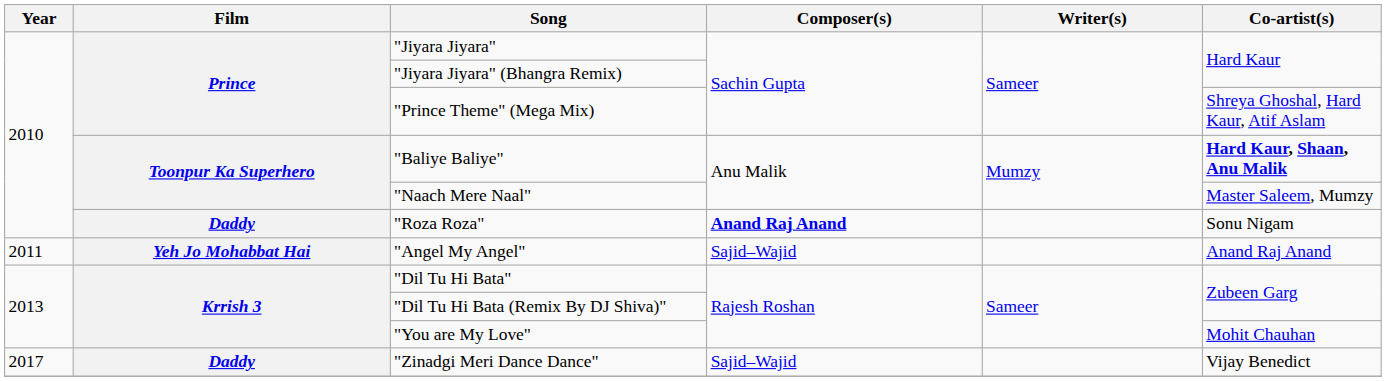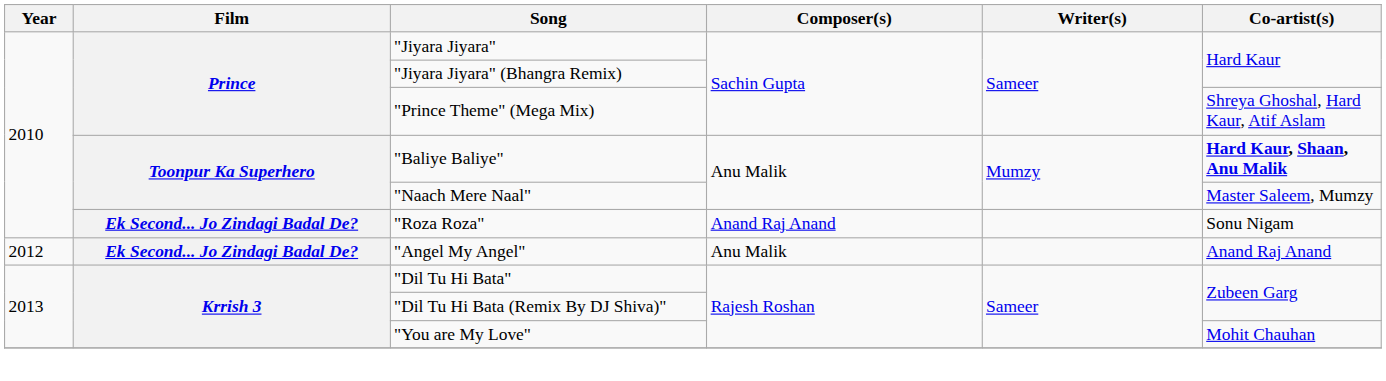 <table class="wikitable plainrowheaders" width="100%" textcolor:#000;">
 <tr style="background:#b0e0e66;">
 <th scope="col" width=5%><strong>Year</strong></th>
 <th scope="col" width=23%><strong>Film</strong></th>
 <th scope="col" width=23%><strong>Song</strong></th>
 <th scope="col" width=20%><strong>Composer(s)</strong></th>
 <th scope="col" width=16%><strong>Writer(s)</strong></th>
 <th scope="col" width=18%><strong>Co-artist(s)</strong></th>
 </tr>
 <tr>
 <td rowspan="6">2010</td>
 <th scope="row" rowspan="3"><em><a href='#'>Prince</a></em></th>
 <td>"Jiyara Jiyara"</td>
 <td rowspan="3"><a href='#'>Sachin Gupta</a></td>
 <td rowspan="3"><a href='#'>Sameer</a></td>
 <td rowspan="2"><a href='#'>Hard Kaur</a></td>
 </tr>
 <tr>
 <td>"Jiyara Jiyara" (Bhangra Remix)</td>
 </tr>
 <tr>
 <td>"Prince Theme" (Mega Mix)</td>
 <td><a href='#'>Shreya Ghoshal</a>, <a href='#'>Hard Kaur</a>, <a href='#'>Atif Aslam</a></td>
 </tr>
 <tr>
 <th scope="row" rowspan="2"><em><a href='#'>Toonpur Ka Superhero</a></em></th>
 <td>"Baliye Baliye"</td>
 <td rowspan="2">Anu Malik</td>
 <td rowspan="2"><a href='#'>Mumzy</a></td>
 <td><strong><a href='#'>Hard Kaur</a>, <a href='#'>Shaan</a>, <a href='#'>Anu Malik</a></strong></td>
 </tr>
 <tr>
 <td>"Naach Mere Naal"</td>
 <td><a href='#'>Master Saleem</a>, Mumzy</td>
 </tr>
 <tr>
-<th scope="row"><em><a href='#'>Daddy</a></em></th>
+<th scope="row"><em><a href='#'>Ek Second... Jo Zindagi Badal De?</a></em></th>
 <td>"Roza Roza"</td>
-<td><strong><a href='#'>Anand Raj Anand</a></strong></td>
+<td><a href='#'>Anand Raj Anand</a></td>
 <td></td>
 <td>Sonu Nigam</td>
 </tr>
 <tr>
-<td>2011</td>
-<th scope="row"><em><a href='#'>Yeh Jo Mohabbat Hai</a></em></th>
+<td>2012</td>
+<th scope="row"><em><a href='#'>Ek Second... Jo Zindagi Badal De?</a></em></th>
 <td>"Angel My Angel"</td>
-<td><a href='#'>Sajid–Wajid</a></td>
+<td>Anu Malik</td>
 <td></td>
 <td><a href='#'>Anand Raj Anand</a></td>
 </tr>
 <tr>
 <td rowspan="3">2013</td>
 <th scope="row" rowspan="3"><em><a href='#'>Krrish 3</a></em></th>
 <td>"Dil Tu Hi Bata"</td>
 <td rowspan="3"><a href='#'>Rajesh Roshan</a></td>
 <td rowspan="3"><a href='#'>Sameer</a></td>
 <td rowspan="2"><a href='#'>Zubeen Garg</a></td>
 </tr>
 <tr>
 <td>"Dil Tu Hi Bata (Remix By DJ Shiva)"</td>
 </tr>
 <tr>
 <td>"You are My Love"</td>
 <td><a href='#'>Mohit Chauhan</a></td>
 </tr>
 <tr>
-<td>2017</td>
-<th scope="row"><em><a href='#'>Daddy</a></em></th>
-<td>"Zinadgi Meri Dance Dance"</td>
-<td><a href='#'>Sajid–Wajid</a></td>
-<td></td>
-<td>Vijay Benedict</td>
-</tr>
-<tr>
 </tr>
 </table>
